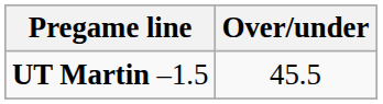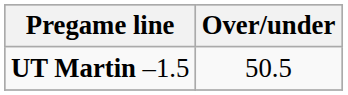 <table class="wikitable">
 <tr align="center">
 <th>Pregame line</th>
 <th>Over/under</th>
 </tr>
 <tr align="center">
 <td><strong>UT Martin</strong> –1.5</td>
-<td>45.5</td>
+<td>50.5</td>
 </tr>
 </table>
